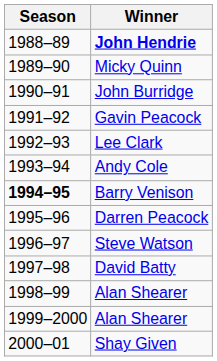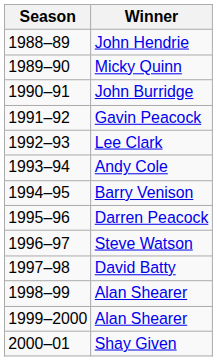 <table class="wikitable">
 <tr>
 <th>Season</th>
 <th>Winner</th>
 </tr>
 <tr>
 <td>1988–89</td>
-<td><strong><a href='#'>John Hendrie</a></strong></td>
+<td><a href='#'>John Hendrie</a></td>
 </tr>
 <tr>
 <td>1989–90</td>
 <td><a href='#'>Micky Quinn</a></td>
 </tr>
 <tr>
 <td>1990–91</td>
 <td><a href='#'>John Burridge</a></td>
 </tr>
 <tr>
 <td>1991–92</td>
 <td><a href='#'>Gavin Peacock</a></td>
 </tr>
 <tr>
 <td>1992–93</td>
 <td><a href='#'>Lee Clark</a></td>
 </tr>
 <tr>
 <td>1993–94</td>
 <td><a href='#'>Andy Cole</a></td>
 </tr>
 <tr>
-<td><strong>1994–95</strong></td>
+<td>1994–95</td>
 <td><a href='#'>Barry Venison</a></td>
 </tr>
 <tr>
 <td>1995–96</td>
 <td><a href='#'>Darren Peacock</a></td>
 </tr>
 <tr>
 <td>1996–97</td>
 <td><a href='#'>Steve Watson</a></td>
 </tr>
 <tr>
 <td>1997–98</td>
 <td><a href='#'>David Batty</a></td>
 </tr>
 <tr>
 <td>1998–99</td>
 <td><a href='#'>Alan Shearer</a></td>
 </tr>
 <tr>
 <td>1999–2000</td>
 <td><a href='#'>Alan Shearer</a></td>
 </tr>
 <tr>
 <td>2000–01</td>
 <td><a href='#'>Shay Given</a></td>
 </tr>
 </table>
